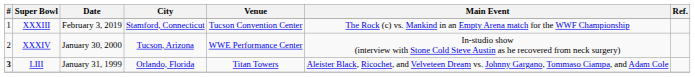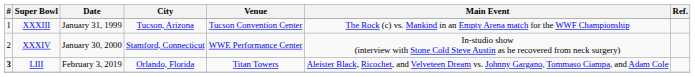 <table class="sortable wikitable succession-box" style="font-size:85%; text-align:center;">
 <tr>
 <th>#</th>
 <th>Super Bowl</th>
 <th>Date</th>
 <th>City</th>
 <th>Venue</th>
 <th>Main Event</th>
 <th>Ref.</th>
 </tr>
 <tr>
 </tr>
 <tr>
 <td>1</td>
 <td><a href='#'>XXXIII</a></td>
-<td>February 3, 2019</td>
-<td><a href='#'>Stamford, Connecticut</a></td>
+<td>January 31, 1999</td>
+<td><a href='#'>Tucson, Arizona</a></td>
 <td><a href='#'>Tucson Convention Center</a></td>
 <td><a href='#'>The Rock</a> (c) vs. <a href='#'>Mankind</a> in an <a href='#'>Empty Arena match</a> for the <a href='#'>WWF Championship</a></td>
 <td></td>
 </tr>
 <tr>
 <td>2</td>
 <td><a href='#'>XXXIV</a></td>
 <td>January 30, 2000</td>
-<td><a href='#'>Tucson, Arizona</a></td>
+<td><a href='#'>Stamford, Connecticut</a></td>
 <td><a href='#'>WWE Performance Center</a></td>
 <td>In-studio show <br> (interview with <a href='#'>Stone Cold Steve Austin</a> as he recovered from neck surgery)</td>
 <td></td>
 </tr>
 <tr>
 <td><strong>3</strong></td>
 <td><a href='#'>LIII</a></td>
-<td>January 31, 1999</td>
+<td>February 3, 2019</td>
 <td><a href='#'>Orlando, Florida</a></td>
 <td><a href='#'>Titan Towers</a></td>
 <td><a href='#'>Aleister Black</a>, <a href='#'>Ricochet</a>, and <a href='#'>Velveteen Dream</a> vs. <a href='#'>Johnny Gargano</a>, <a href='#'>Tommaso Ciampa</a>, and <a href='#'>Adam Cole</a></td>
 <td></td>
 </tr>
 <tr>
 </tr>
 </table>
